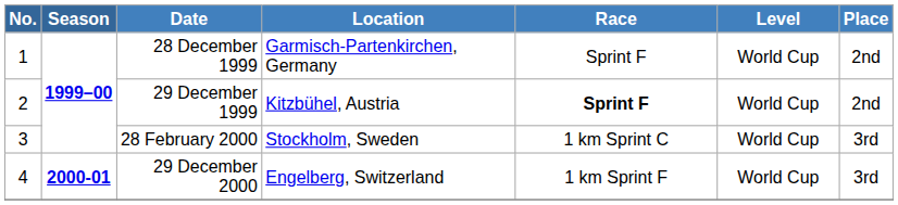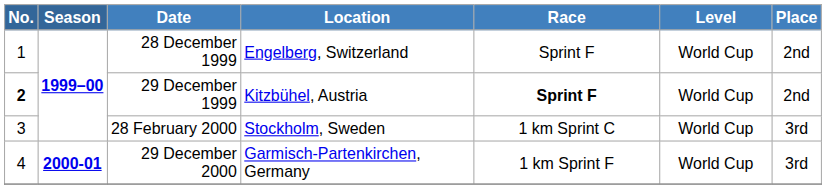 <table class="wikitable sortable" style="font-size:95%; text-align:center; border:grey solid 1px; border-collapse:collapse; background:#ffffff;">
 <tr style="background:#efefef;">
 <th style="background-color:#369; color:white;">No.</th>
 <th style="background-color:#369; color:white;">Season</th>
 <th style="background-color:#4180be; color:white; width:120px;">Date</th>
 <th style="background-color:#4180be; color:white; width:215px;">Location</th>
 <th style="background-color:#4180be; color:white; width:170px;">Race</th>
 <th style="background-color:#4180be; color:white; width:100px;">Level</th>
 <th style="background-color:#4180be; color:white;">Place</th>
 </tr>
 <tr>
 <td align="center">1</td>
 <td rowspan="3" align="center"><strong><a href='#'>1999–00</a></strong></td>
 <td align="right">28 December 1999</td>
-<td align="left"> <a href='#'>Garmisch-Partenkirchen</a>, Germany</td>
+<td align="left"> <a href='#'>Engelberg</a>, Switzerland</td>
 <td>Sprint F</td>
 <td>World Cup</td>
 <td>2nd</td>
 </tr>
 <tr>
-<td align="center">2</td>
+<td align="center"><strong>2</strong></td>
 <td align="right">29 December 1999</td>
 <td align="left"> <a href='#'>Kitzbühel</a>, Austria</td>
 <td><strong>Sprint F</strong></td>
 <td>World Cup</td>
 <td>2nd</td>
 </tr>
 <tr>
 <td align="center">3</td>
 <td align="right">28 February 2000</td>
 <td align="left"> <a href='#'>Stockholm</a>, Sweden</td>
 <td>1 km Sprint C</td>
 <td>World Cup</td>
 <td>3rd</td>
 </tr>
 <tr>
 <td align="center">4</td>
 <td><a href='#'><strong>2000-01</strong></a></td>
 <td align="right">29 December 2000</td>
-<td align="left"> <a href='#'>Engelberg</a>, Switzerland</td>
+<td align="left"> <a href='#'>Garmisch-Partenkirchen</a>, Germany</td>
 <td>1 km Sprint F</td>
 <td>World Cup</td>
 <td>3rd</td>
 </tr>
 <tr>
 </tr>
 </table>
